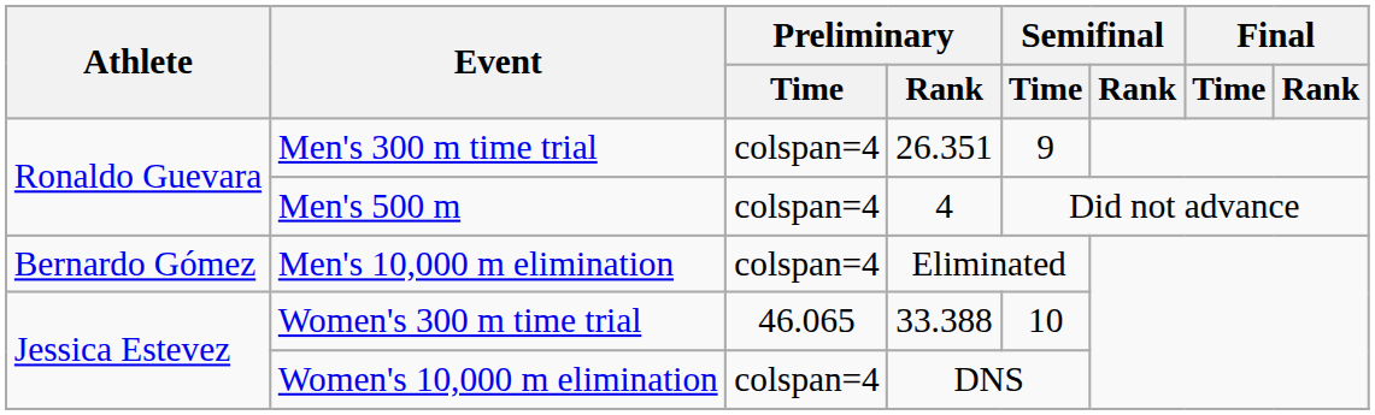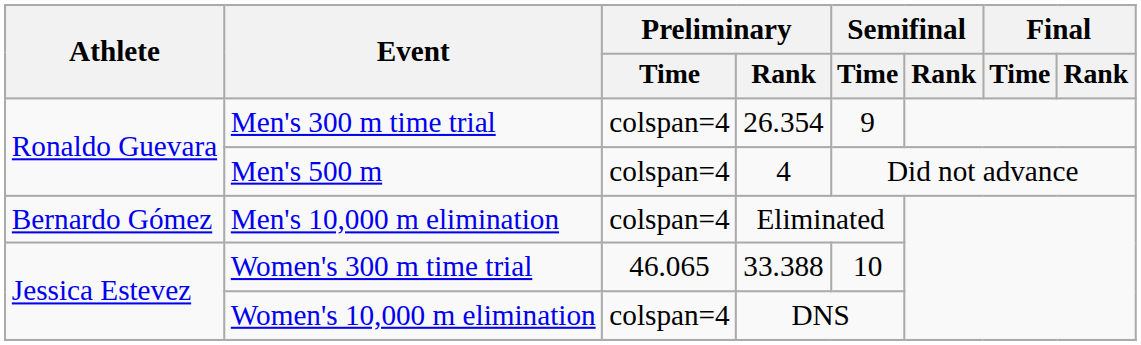 <table class=wikitable style=font-size:90%;text-align:center>
 <tr>
 <th rowspan=2>Athlete</th>
 <th rowspan=2>Event</th>
 <th colspan=2>Preliminary</th>
 <th colspan=2>Semifinal</th>
 <th colspan=2>Final</th>
 </tr>
 <tr style=font-size:95%>
 <th>Time</th>
 <th>Rank</th>
 <th>Time</th>
 <th>Rank</th>
 <th>Time</th>
 <th>Rank</th>
 </tr>
 <tr>
 <td style="text-align:left" rowspan=2><a href='#'>Ronaldo Guevara</a></td>
 <td style="text-align:left"><a href='#'>Men's 300 m time trial</a></td>
 <td>colspan=4 </td>
-<td>26.351</td>
+<td>26.354</td>
 <td>9</td>
 </tr>
 <tr>
 <td style="text-align:left"><a href='#'>Men's 500 m</a></td>
 <td>colspan=4 </td>
 <td>4</td>
 <td colspan=4>Did not advance</td>
 </tr>
 <tr>
 <td style="text-align:left"><a href='#'>Bernardo Gómez</a></td>
 <td style="text-align:left"><a href='#'>Men's 10,000 m elimination</a></td>
 <td>colspan=4 </td>
 <td colspan=2>Eliminated</td>
 </tr>
 <tr>
 <td style="text-align:left" rowspan=2><a href='#'>Jessica Estevez</a></td>
 <td style="text-align:left"><a href='#'>Women's 300 m time trial</a></td>
 <td>46.065</td>
 <td>33.388</td>
 <td>10</td>
 </tr>
 <tr>
 <td style="text-align:left"><a href='#'>Women's 10,000 m elimination</a></td>
 <td>colspan=4 </td>
 <td colspan=2>DNS</td>
 </tr>
 </table>
